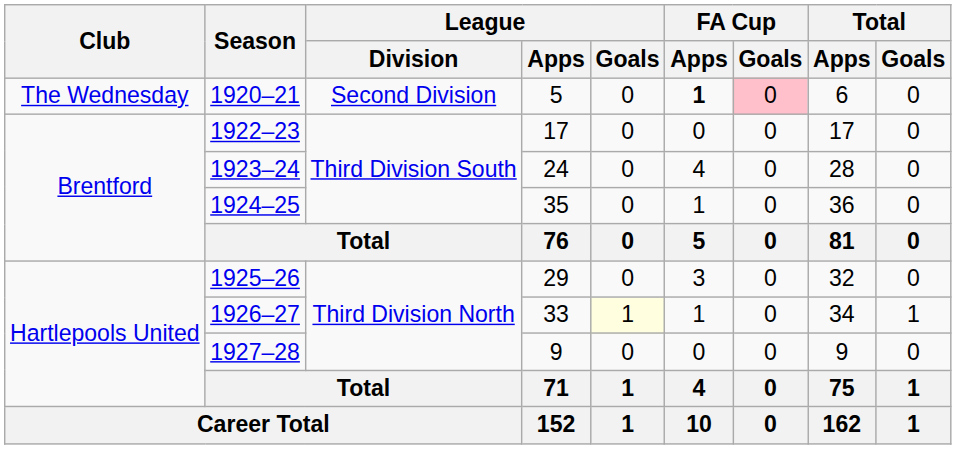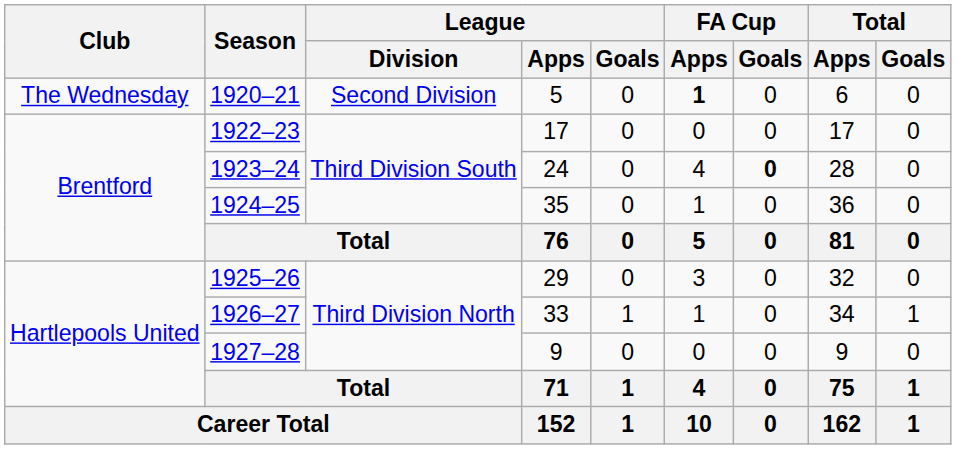 <table class="wikitable" style="text-align: center;">
 <tr>
 <th rowspan="2">Club</th>
 <th rowspan="2">Season</th>
 <th colspan="3">League</th>
 <th colspan="2">FA Cup</th>
 <th colspan="2">Total</th>
 </tr>
 <tr>
 <th>Division</th>
 <th>Apps</th>
 <th>Goals</th>
 <th>Apps</th>
 <th>Goals</th>
 <th>Apps</th>
 <th>Goals</th>
 </tr>
 <tr>
 <td><a href='#'>The Wednesday</a></td>
 <td><a href='#'>1920–21</a></td>
 <td><a href='#'>Second Division</a></td>
 <td>5</td>
 <td>0</td>
 <td><strong>1</strong></td>
-<td style="background: pink;">0</td>
+<td>0</td>
 <td>6</td>
 <td>0</td>
 </tr>
 <tr>
 <td rowspan="4"><a href='#'>Brentford</a></td>
 <td><a href='#'>1922–23</a></td>
 <td rowspan="3"><a href='#'>Third Division South</a></td>
 <td>17</td>
 <td>0</td>
 <td>0</td>
 <td>0</td>
 <td>17</td>
 <td>0</td>
 </tr>
 <tr>
 <td><a href='#'>1923–24</a></td>
 <td>24</td>
 <td>0</td>
 <td>4</td>
-<td>0</td>
+<td><strong>0</strong></td>
 <td>28</td>
 <td>0</td>
 </tr>
 <tr>
 <td><a href='#'>1924–25</a></td>
 <td>35</td>
 <td>0</td>
 <td>1</td>
 <td>0</td>
 <td>36</td>
 <td>0</td>
 </tr>
 <tr>
 <th colspan="2">Total</th>
 <th>76</th>
 <th>0</th>
 <th>5</th>
 <th>0</th>
 <th>81</th>
 <th>0</th>
 </tr>
 <tr>
 <td rowspan="4"><a href='#'>Hartlepools United</a></td>
 <td><a href='#'>1925–26</a></td>
 <td rowspan="3"><a href='#'>Third Division North</a></td>
 <td>29</td>
 <td>0</td>
 <td>3</td>
 <td>0</td>
 <td>32</td>
 <td>0</td>
 </tr>
 <tr>
 <td><a href='#'>1926–27</a></td>
 <td>33</td>
-<td style="background: lightyellow;">1</td>
+<td>1</td>
 <td>1</td>
 <td>0</td>
 <td>34</td>
 <td>1</td>
 </tr>
 <tr>
 <td><a href='#'>1927–28</a></td>
 <td>9</td>
 <td>0</td>
 <td>0</td>
 <td>0</td>
 <td>9</td>
 <td>0</td>
 </tr>
 <tr>
 <th colspan="2">Total</th>
 <th>71</th>
 <th>1</th>
 <th>4</th>
 <th>0</th>
 <th>75</th>
 <th>1</th>
 </tr>
 <tr>
 <th colspan="3">Career Total</th>
 <th>152</th>
 <th>1</th>
 <th>10</th>
 <th>0</th>
 <th>162</th>
 <th>1</th>
 </tr>
 </table>
